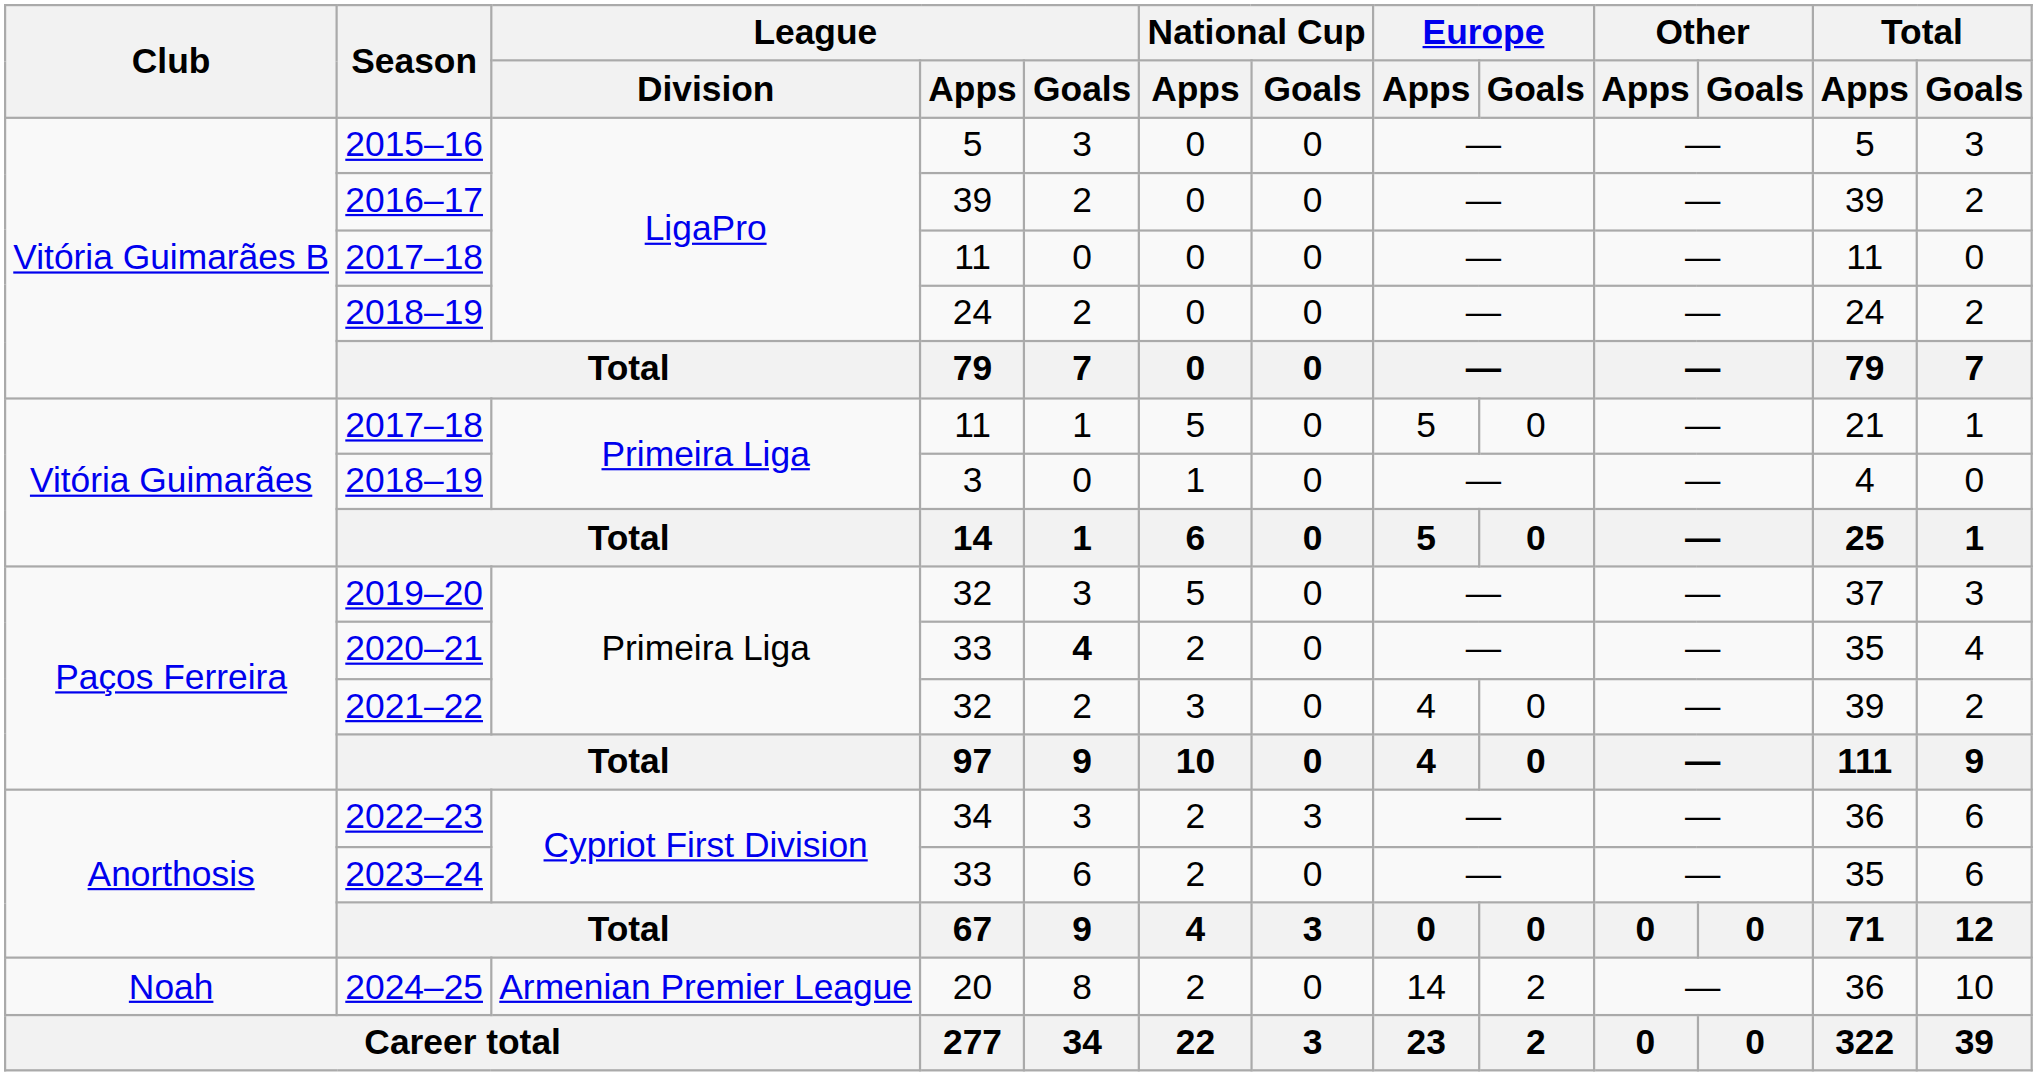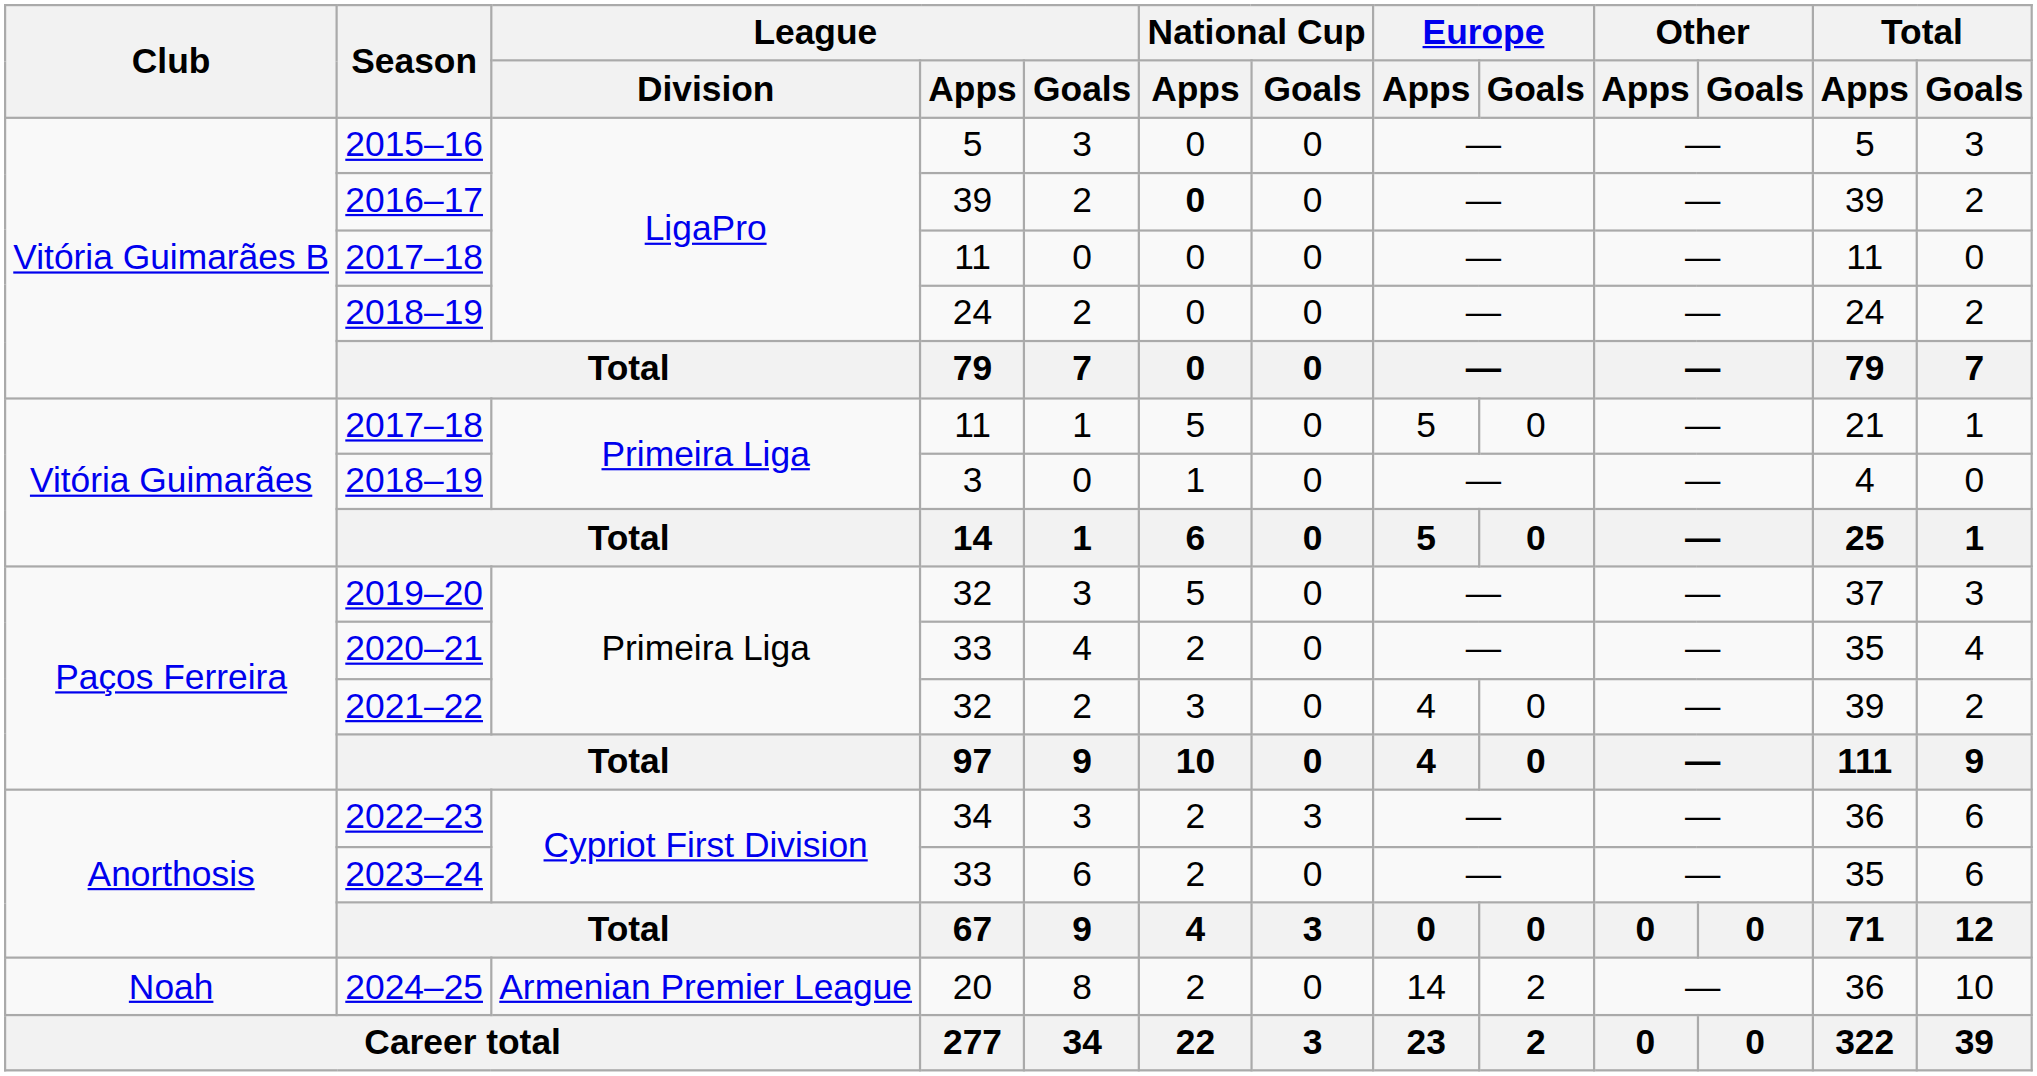 <table class="wikitable" style="font-size:100%; text-align: center">
 <tr>
 <th rowspan=2>Club</th>
 <th rowspan=2>Season</th>
 <th colspan=3>League</th>
 <th colspan=2>National Cup</th>
 <th colspan=2><a href='#'>Europe</a></th>
 <th colspan=2>Other</th>
 <th colspan=2>Total</th>
 </tr>
 <tr>
 <th>Division</th>
 <th>Apps</th>
 <th>Goals</th>
 <th>Apps</th>
 <th>Goals</th>
 <th>Apps</th>
 <th>Goals</th>
 <th>Apps</th>
 <th>Goals</th>
 <th>Apps</th>
 <th>Goals</th>
 </tr>
 <tr>
 <td rowspan=5><a href='#'>Vitória Guimarães B</a></td>
 <td><a href='#'>2015–16</a></td>
 <td rowspan="4"><a href='#'>LigaPro</a></td>
 <td>5</td>
 <td>3</td>
 <td>0</td>
 <td>0</td>
 <td colspan="2">—</td>
 <td colspan="2">—</td>
 <td>5</td>
 <td>3</td>
 </tr>
 <tr>
 <td><a href='#'>2016–17</a></td>
 <td>39</td>
 <td>2</td>
-<td>0</td>
+<td><strong>0</strong></td>
 <td>0</td>
 <td colspan="2">—</td>
 <td colspan="2">—</td>
 <td>39</td>
 <td>2</td>
 </tr>
 <tr>
 <td><a href='#'>2017–18</a></td>
 <td>11</td>
 <td>0</td>
 <td>0</td>
 <td>0</td>
 <td colspan="2">—</td>
 <td colspan="2">—</td>
 <td>11</td>
 <td>0</td>
 </tr>
 <tr>
 <td><a href='#'>2018–19</a></td>
 <td>24</td>
 <td>2</td>
 <td>0</td>
 <td>0</td>
 <td colspan="2">—</td>
 <td colspan="2">—</td>
 <td>24</td>
 <td>2</td>
 </tr>
 <tr>
 <th colspan="2">Total</th>
 <th>79</th>
 <th>7</th>
 <th>0</th>
 <th>0</th>
 <th colspan="2">—</th>
 <th colspan="2">—</th>
 <th>79</th>
 <th>7</th>
 </tr>
 <tr>
 <td rowspan=3><a href='#'>Vitória Guimarães</a></td>
 <td><a href='#'>2017–18</a></td>
 <td rowspan="2"><a href='#'>Primeira Liga</a></td>
 <td>11</td>
 <td>1</td>
 <td>5</td>
 <td>0</td>
 <td>5</td>
 <td>0</td>
 <td colspan="2">—</td>
 <td>21</td>
 <td>1</td>
 </tr>
 <tr>
 <td><a href='#'>2018–19</a></td>
 <td>3</td>
 <td>0</td>
 <td>1</td>
 <td>0</td>
 <td colspan="2">—</td>
 <td colspan="2">—</td>
 <td>4</td>
 <td>0</td>
 </tr>
 <tr>
 <th colspan="2">Total</th>
 <th>14</th>
 <th>1</th>
 <th>6</th>
 <th>0</th>
 <th>5</th>
 <th>0</th>
 <th colspan="2">—</th>
 <th>25</th>
 <th>1</th>
 </tr>
 <tr>
 <td rowspan=4><a href='#'>Paços Ferreira</a></td>
 <td><a href='#'>2019–20</a></td>
 <td rowspan="3">Primeira Liga</td>
 <td>32</td>
 <td>3</td>
 <td>5</td>
 <td>0</td>
 <td colspan="2">—</td>
 <td colspan="2">—</td>
 <td>37</td>
 <td>3</td>
 </tr>
 <tr>
 <td><a href='#'>2020–21</a></td>
 <td>33</td>
-<td><strong>4</strong></td>
+<td>4</td>
 <td>2</td>
 <td>0</td>
 <td colspan="2">—</td>
 <td colspan="2">—</td>
 <td>35</td>
 <td>4</td>
 </tr>
 <tr>
 <td><a href='#'>2021–22</a></td>
 <td>32</td>
 <td>2</td>
 <td>3</td>
 <td>0</td>
 <td>4</td>
 <td>0</td>
 <td colspan="2">—</td>
 <td>39</td>
 <td>2</td>
 </tr>
 <tr>
 <th colspan="2">Total</th>
 <th>97</th>
 <th>9</th>
 <th>10</th>
 <th>0</th>
 <th>4</th>
 <th>0</th>
 <th colspan="2">—</th>
 <th>111</th>
 <th>9</th>
 </tr>
 <tr>
 <td rowspan="3"><a href='#'>Anorthosis</a></td>
 <td><a href='#'>2022–23</a></td>
 <td rowspan="2"><a href='#'>Cypriot First Division</a></td>
 <td>34</td>
 <td>3</td>
 <td>2</td>
 <td>3</td>
 <td colspan="2">—</td>
 <td colspan="2">—</td>
 <td>36</td>
 <td>6</td>
 </tr>
 <tr>
 <td><a href='#'>2023–24</a></td>
 <td>33</td>
 <td>6</td>
 <td>2</td>
 <td>0</td>
 <td colspan="2">—</td>
 <td colspan="2">—</td>
 <td>35</td>
 <td>6</td>
 </tr>
 <tr>
 <th colspan="2">Total</th>
 <th>67</th>
 <th>9</th>
 <th>4</th>
 <th>3</th>
 <th>0</th>
 <th>0</th>
 <th>0</th>
 <th>0</th>
 <th>71</th>
 <th>12</th>
 </tr>
 <tr>
 <td><a href='#'>Noah</a></td>
 <td><a href='#'>2024–25</a></td>
 <td><a href='#'>Armenian Premier League</a></td>
 <td>20</td>
 <td>8</td>
 <td>2</td>
 <td>0</td>
 <td>14</td>
 <td>2</td>
 <td colspan="2">—</td>
 <td>36</td>
 <td>10</td>
 </tr>
 <tr>
 <th colspan="3">Career total</th>
 <th>277</th>
 <th>34</th>
 <th>22</th>
 <th>3</th>
 <th>23</th>
 <th>2</th>
 <th>0</th>
 <th>0</th>
 <th>322</th>
 <th>39</th>
 </tr>
 </table>
